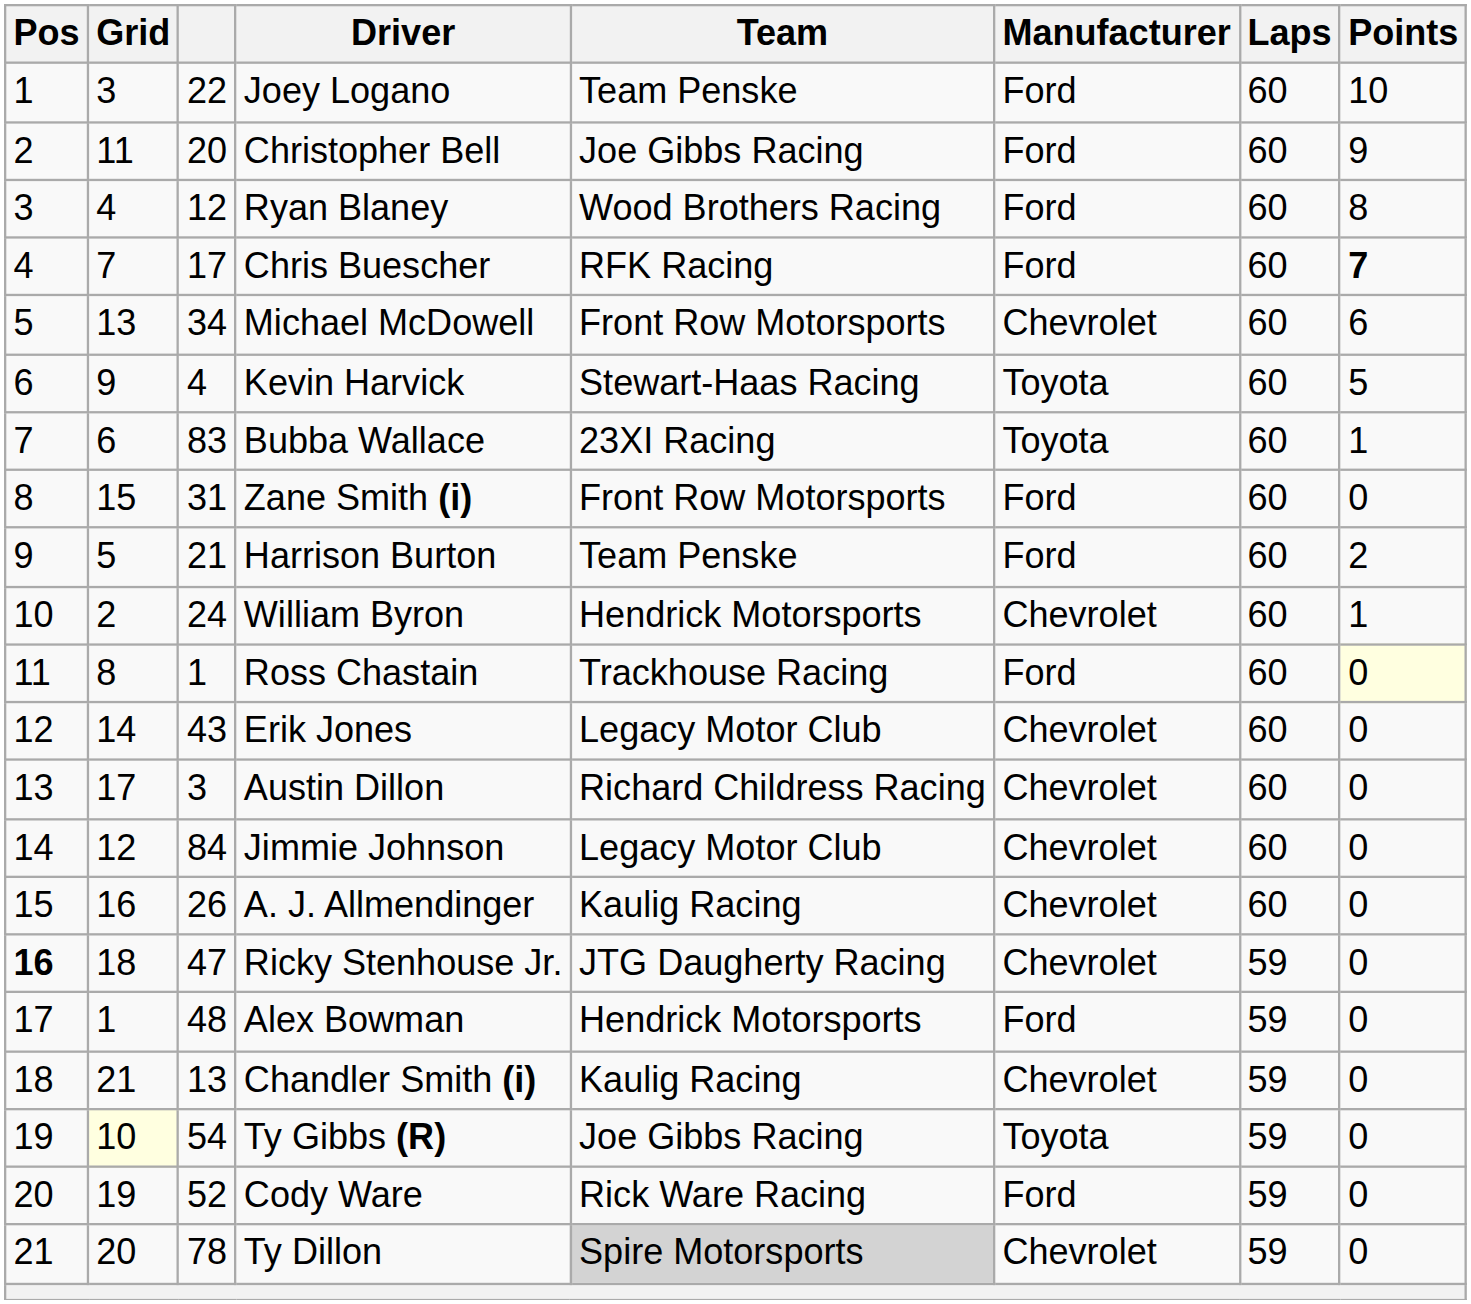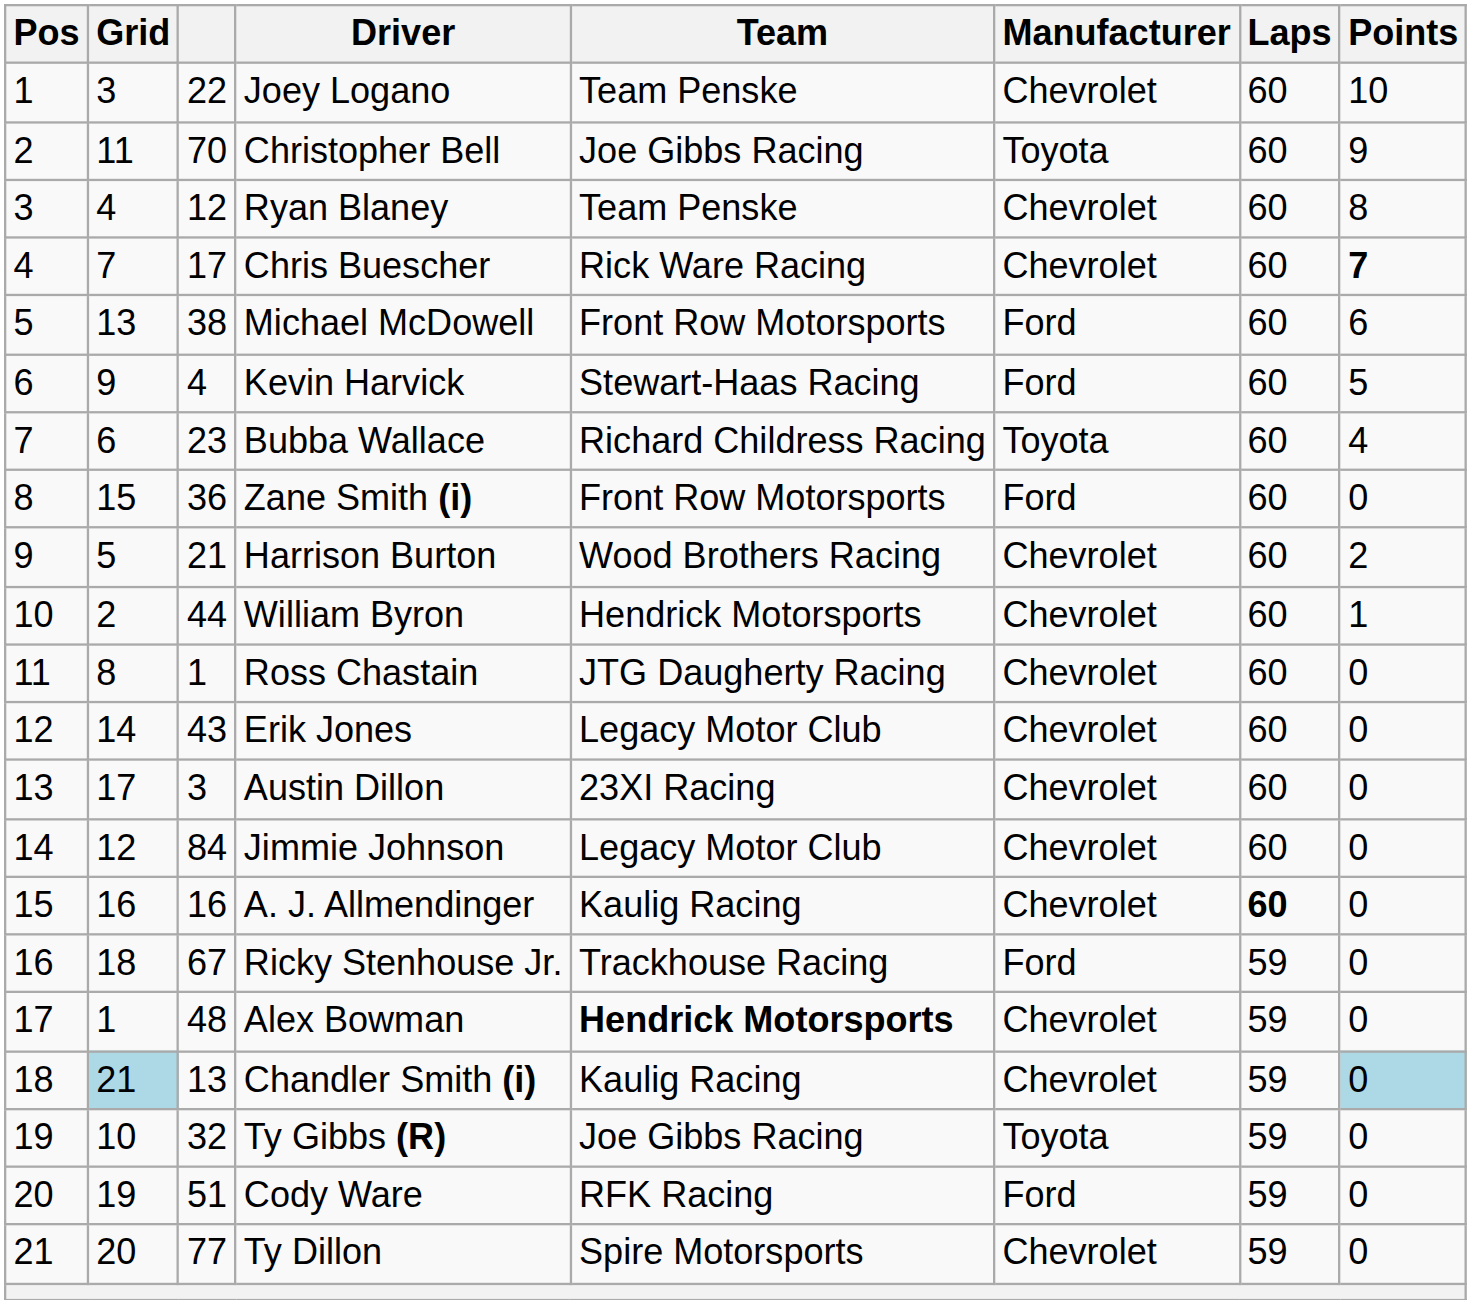 <table class="wikitable" style="font-size:98%">
 <tr>
 <th>Pos</th>
 <th>Grid</th>
 <th></th>
 <th>Driver</th>
 <th>Team</th>
 <th>Manufacturer</th>
 <th>Laps</th>
 <th>Points</th>
 </tr>
 <tr>
 <td>1</td>
 <td>3</td>
 <td>22</td>
 <td>Joey Logano</td>
 <td>Team Penske</td>
-<td>Ford</td>
+<td>Chevrolet</td>
 <td>60</td>
 <td>10</td>
 </tr>
 <tr>
 <td>2</td>
 <td>11</td>
-<td>20</td>
+<td>70</td>
 <td>Christopher Bell</td>
 <td>Joe Gibbs Racing</td>
-<td>Ford</td>
+<td>Toyota</td>
 <td>60</td>
 <td>9</td>
 </tr>
 <tr>
 <td>3</td>
 <td>4</td>
 <td>12</td>
 <td>Ryan Blaney</td>
-<td>Wood Brothers Racing</td>
-<td>Ford</td>
+<td>Team Penske</td>
+<td>Chevrolet</td>
 <td>60</td>
 <td>8</td>
 </tr>
 <tr>
 <td>4</td>
 <td>7</td>
 <td>17</td>
 <td>Chris Buescher</td>
-<td>RFK Racing</td>
-<td>Ford</td>
+<td>Rick Ware Racing</td>
+<td>Chevrolet</td>
 <td>60</td>
 <td><strong>7</strong></td>
 </tr>
 <tr>
 <td>5</td>
 <td>13</td>
-<td>34</td>
+<td>38</td>
 <td>Michael McDowell</td>
 <td>Front Row Motorsports</td>
-<td>Chevrolet</td>
+<td>Ford</td>
 <td>60</td>
 <td>6</td>
 </tr>
 <tr>
 <td>6</td>
 <td>9</td>
 <td>4</td>
 <td>Kevin Harvick</td>
 <td>Stewart-Haas Racing</td>
-<td>Toyota</td>
+<td>Ford</td>
 <td>60</td>
 <td>5</td>
 </tr>
 <tr>
 <td>7</td>
 <td>6</td>
-<td>83</td>
+<td>23</td>
 <td>Bubba Wallace</td>
-<td>23XI Racing</td>
+<td>Richard Childress Racing</td>
 <td>Toyota</td>
 <td>60</td>
-<td>1</td>
+<td>4</td>
 </tr>
 <tr>
 <td>8</td>
 <td>15</td>
-<td>31</td>
+<td>36</td>
 <td>Zane Smith <strong>(i)</strong></td>
 <td>Front Row Motorsports</td>
 <td>Ford</td>
 <td>60</td>
 <td>0</td>
 </tr>
 <tr>
 <td>9</td>
 <td>5</td>
 <td>21</td>
 <td>Harrison Burton</td>
-<td>Team Penske</td>
-<td>Ford</td>
+<td>Wood Brothers Racing</td>
+<td>Chevrolet</td>
 <td>60</td>
 <td>2</td>
 </tr>
 <tr>
 <td>10</td>
 <td>2</td>
-<td>24</td>
+<td>44</td>
 <td>William Byron</td>
 <td>Hendrick Motorsports</td>
 <td>Chevrolet</td>
 <td>60</td>
 <td>1</td>
 </tr>
 <tr>
 <td>11</td>
 <td>8</td>
 <td>1</td>
 <td>Ross Chastain</td>
-<td>Trackhouse Racing</td>
-<td>Ford</td>
+<td>JTG Daugherty Racing</td>
+<td>Chevrolet</td>
 <td>60</td>
-<td style="background: lightyellow;">0</td>
+<td>0</td>
 </tr>
 <tr>
 <td>12</td>
 <td>14</td>
 <td>43</td>
 <td>Erik Jones</td>
 <td>Legacy Motor Club</td>
 <td>Chevrolet</td>
 <td>60</td>
 <td>0</td>
 </tr>
 <tr>
 <td>13</td>
 <td>17</td>
 <td>3</td>
 <td>Austin Dillon</td>
-<td>Richard Childress Racing</td>
+<td>23XI Racing</td>
 <td>Chevrolet</td>
 <td>60</td>
 <td>0</td>
 </tr>
 <tr>
 <td>14</td>
 <td>12</td>
 <td>84</td>
 <td>Jimmie Johnson</td>
 <td>Legacy Motor Club</td>
 <td>Chevrolet</td>
 <td>60</td>
 <td>0</td>
 </tr>
 <tr>
 <td>15</td>
 <td>16</td>
-<td>26</td>
+<td>16</td>
 <td>A. J. Allmendinger</td>
 <td>Kaulig Racing</td>
 <td>Chevrolet</td>
-<td>60</td>
+<td><strong>60</strong></td>
 <td>0</td>
 </tr>
 <tr>
-<td><strong>16</strong></td>
+<td>16</td>
 <td>18</td>
-<td>47</td>
+<td>67</td>
 <td>Ricky Stenhouse Jr.</td>
-<td>JTG Daugherty Racing</td>
-<td>Chevrolet</td>
+<td>Trackhouse Racing</td>
+<td>Ford</td>
 <td>59</td>
 <td>0</td>
 </tr>
 <tr>
 <td>17</td>
 <td>1</td>
 <td>48</td>
 <td>Alex Bowman</td>
-<td>Hendrick Motorsports</td>
-<td>Ford</td>
+<td><strong>Hendrick Motorsports</strong></td>
+<td>Chevrolet</td>
 <td>59</td>
 <td>0</td>
 </tr>
 <tr>
 <td>18</td>
-<td>21</td>
+<td style="background: lightblue;">21</td>
 <td>13</td>
 <td>Chandler Smith <strong>(i)</strong></td>
 <td>Kaulig Racing</td>
 <td>Chevrolet</td>
 <td>59</td>
-<td>0</td>
+<td style="background: lightblue;">0</td>
 </tr>
 <tr>
 <td>19</td>
-<td style="background: lightyellow;">10</td>
-<td>54</td>
+<td>10</td>
+<td>32</td>
 <td>Ty Gibbs <strong>(R)</strong></td>
 <td>Joe Gibbs Racing</td>
 <td>Toyota</td>
 <td>59</td>
 <td>0</td>
 </tr>
 <tr>
 <td>20</td>
 <td>19</td>
-<td>52</td>
+<td>51</td>
 <td>Cody Ware</td>
-<td>Rick Ware Racing</td>
+<td>RFK Racing</td>
 <td>Ford</td>
 <td>59</td>
 <td>0</td>
 </tr>
 <tr>
 <td>21</td>
 <td>20</td>
-<td>78</td>
+<td>77</td>
 <td>Ty Dillon</td>
-<td style="background: lightgrey;">Spire Motorsports</td>
+<td>Spire Motorsports</td>
 <td>Chevrolet</td>
 <td>59</td>
 <td>0</td>
 </tr>
 <tr>
 <th colspan="8"></th>
 </tr>
 </table>
